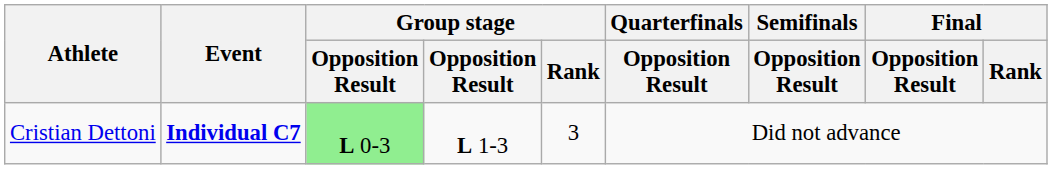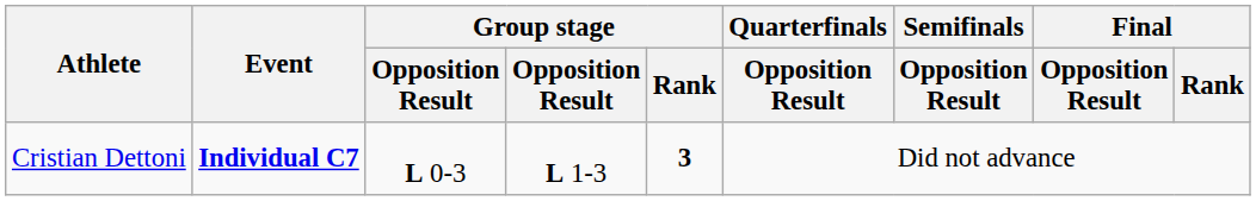 <table class=wikitable>
 <tr>
 <th rowspan="2">Athlete</th>
 <th rowspan="2">Event</th>
 <th colspan="3">Group stage</th>
 <th>Quarterfinals</th>
 <th>Semifinals</th>
 <th colspan="2">Final</th>
 </tr>
 <tr>
 <th>Opposition<br>Result</th>
 <th>Opposition<br>Result</th>
 <th>Rank</th>
 <th>Opposition<br>Result</th>
 <th>Opposition<br>Result</th>
 <th>Opposition<br>Result</th>
 <th>Rank</th>
 </tr>
 <tr align=center>
 <td align=left><a href='#'>Cristian Dettoni</a></td>
 <td align=left><strong><a href='#'>Individual C7</a></strong></td>
-<td style="background: lightgreen;"><br> <strong>L</strong> 0-3</td>
+<td><br> <strong>L</strong> 0-3</td>
 <td><br> <strong>L</strong> 1-3</td>
-<td>3</td>
+<td><strong>3</strong></td>
 <td colspan=4>Did not advance</td>
 </tr>
 </table>
